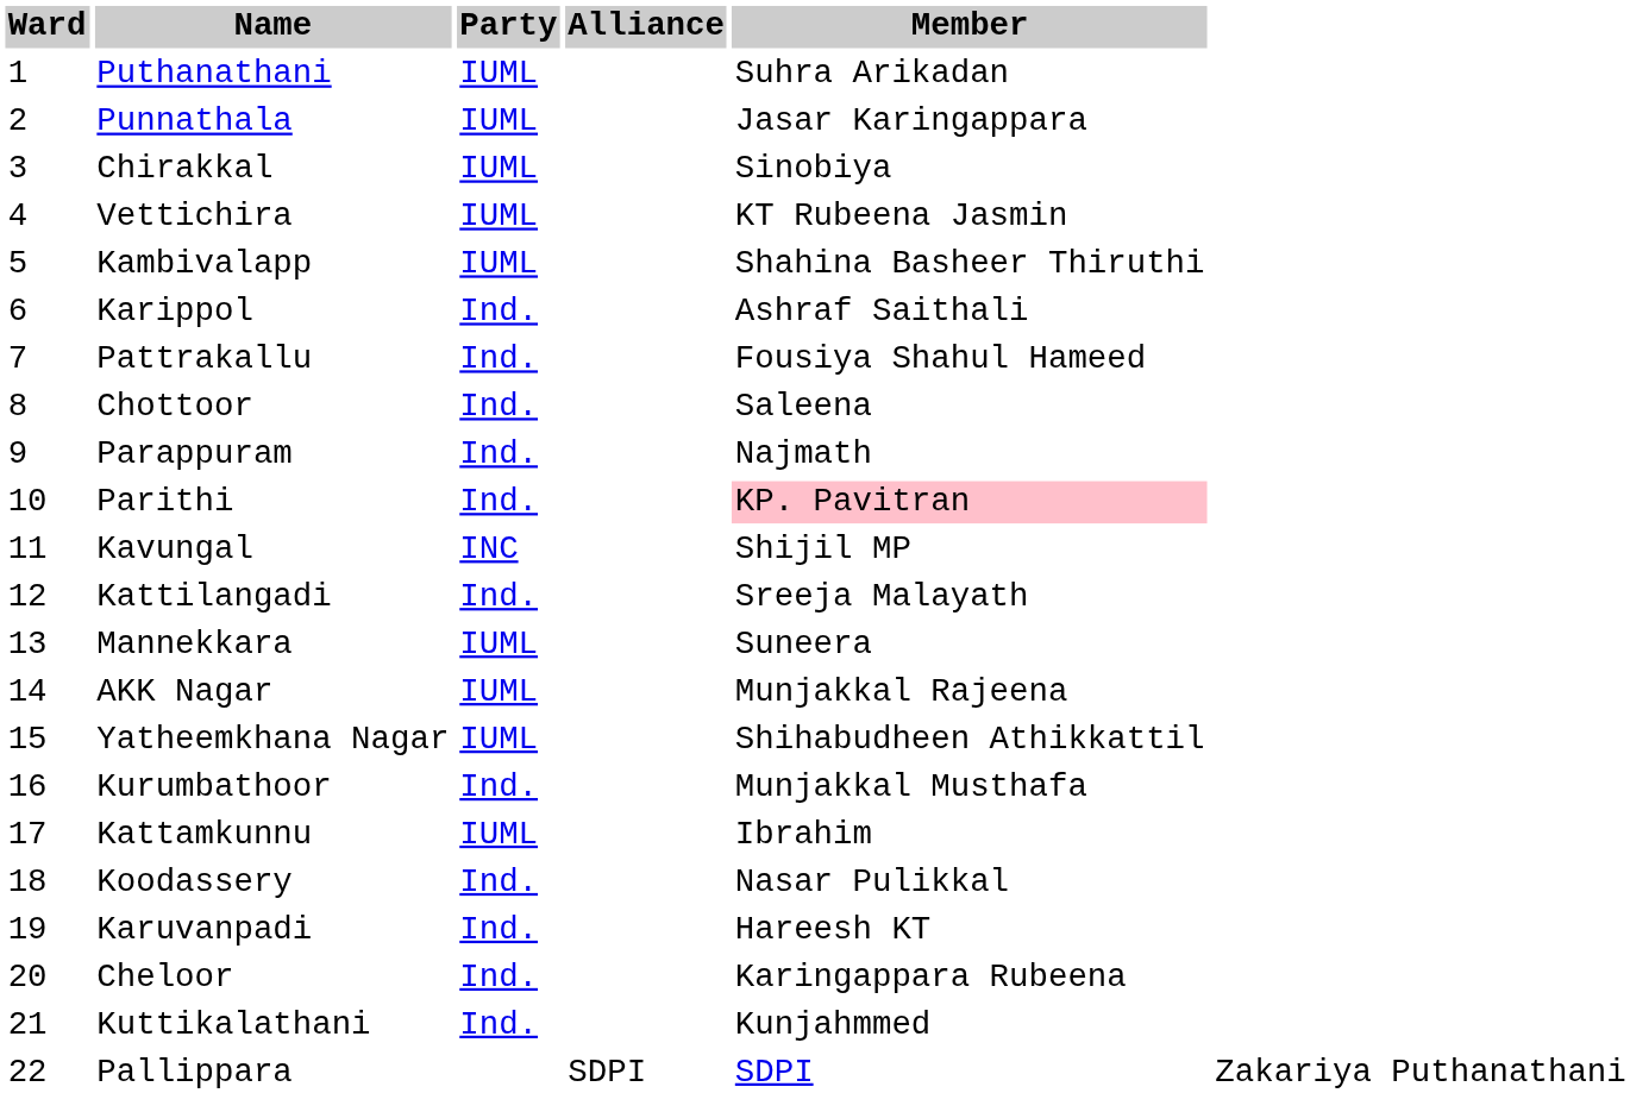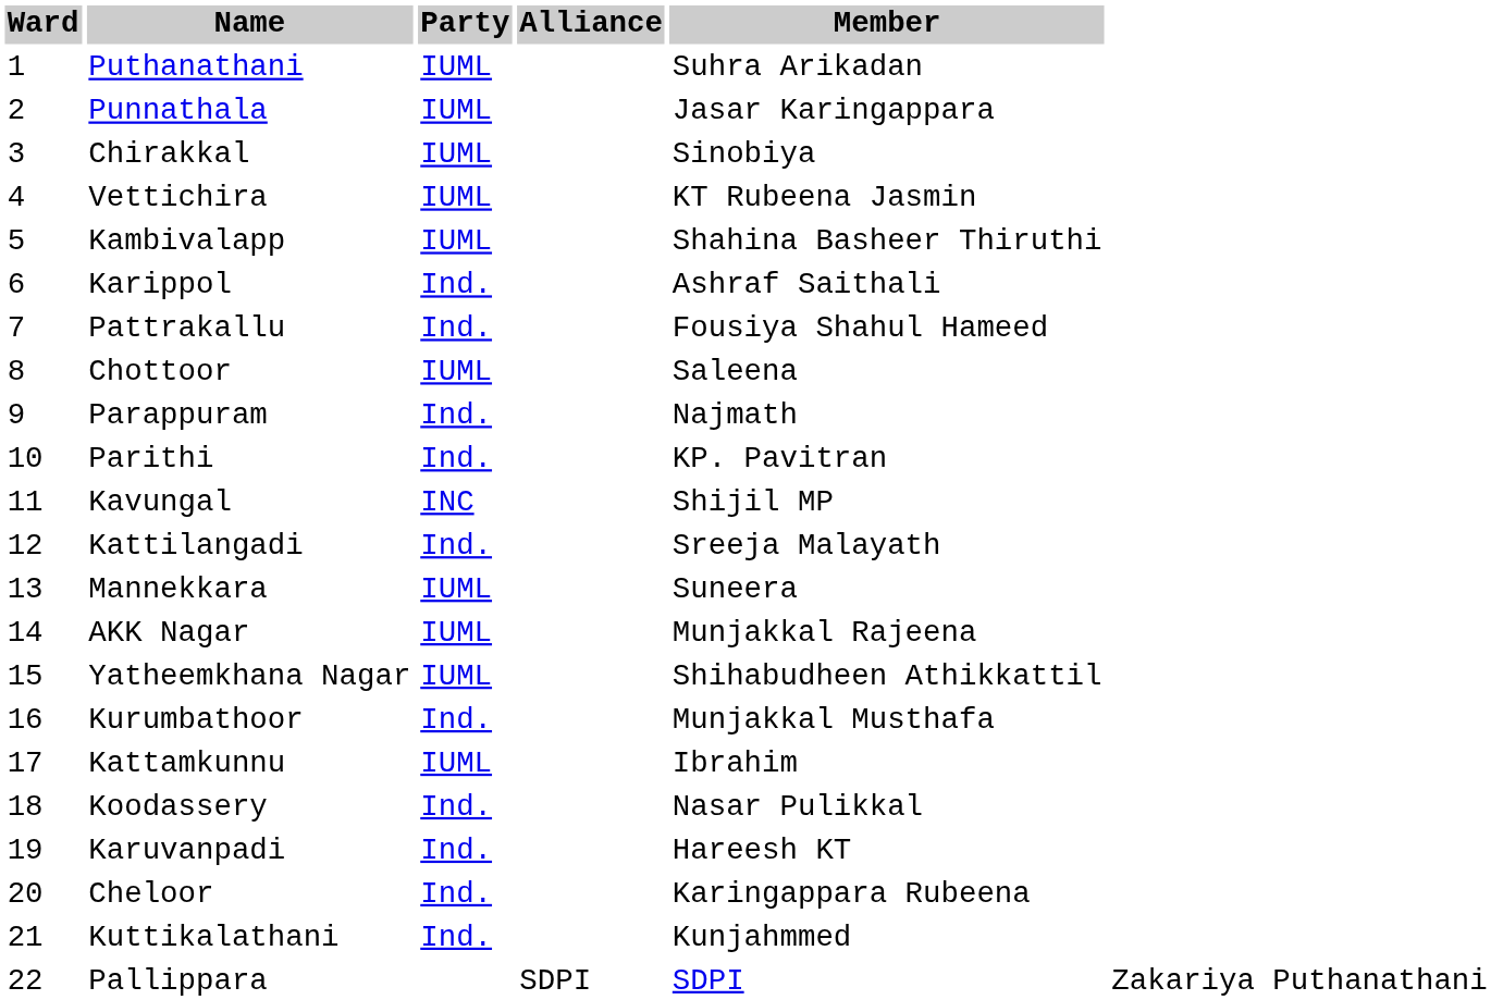 <table align="left" class="toccolours" style="margin-right: .5em; margin-top: .4em;font-size: 95%; cellspacing="1" cellpadding="1" text-align="center" ;>
 <tr>
 </tr>
 <tr bgcolor="#cccccc" valign="top">
 <th>Ward</th>
 <th>Name</th>
 <th>Party</th>
 <th>Alliance</th>
 <th>Member</th>
 </tr>
 <tr po>
 <td>1</td>
 <td><a href='#'>Puthanathani</a></td>
 <td style="background-color:"><a href='#'><span>IUML</span></a></td>
 <td></td>
 <td>Suhra Arikadan</td>
 </tr>
 <tr>
 <td>2</td>
 <td><a href='#'>Punnathala</a></td>
 <td style="background-color:"><a href='#'><span>IUML</span></a></td>
 <td></td>
 <td>Jasar Karingappara</td>
 </tr>
 <tr>
 <td>3</td>
 <td>Chirakkal</td>
 <td style="background-color:"><a href='#'><span>IUML</span></a></td>
 <td></td>
 <td>Sinobiya</td>
 </tr>
 <tr>
 <td>4</td>
 <td>Vettichira</td>
 <td style="background-color:"><a href='#'><span>IUML</span></a></td>
 <td></td>
 <td>KT Rubeena Jasmin</td>
 </tr>
 <tr>
 <td>5</td>
 <td>Kambivalapp</td>
 <td style="background-color:"><a href='#'><span>IUML</span></a></td>
 <td></td>
 <td>Shahina Basheer Thiruthi</td>
 </tr>
 <tr>
 <td>6</td>
 <td>Karippol</td>
 <td style="background-color:"><a href='#'><span>Ind.</span></a></td>
 <td></td>
 <td>Ashraf Saithali</td>
 </tr>
 <tr>
 <td>7</td>
 <td>Pattrakallu</td>
 <td style="background-color:"><a href='#'><span>Ind.</span></a></td>
 <td></td>
 <td>Fousiya Shahul Hameed</td>
 </tr>
 <tr>
 <td>8</td>
 <td>Chottoor</td>
-<td style="background-color:"><a href='#'><span>Ind.</span></a></td>
+<td style="background-color:"><a href='#'><span>IUML</span></a></td>
 <td></td>
 <td>Saleena</td>
 </tr>
 <tr>
 <td>9</td>
 <td>Parappuram</td>
 <td style="background-color:"><a href='#'><span>Ind.</span></a></td>
 <td></td>
 <td>Najmath</td>
 </tr>
 <tr>
 <td>10</td>
 <td>Parithi</td>
 <td style="background-color:"><a href='#'><span>Ind.</span></a></td>
 <td></td>
-<td style="background: pink;">KP. Pavitran</td>
+<td>KP. Pavitran</td>
 </tr>
 <tr>
 <td>11</td>
 <td>Kavungal</td>
 <td style="background-color:"><a href='#'><span>INC</span></a></td>
 <td></td>
 <td>Shijil MP</td>
 </tr>
 <tr>
 <td>12</td>
 <td>Kattilangadi</td>
 <td style="background-color:"><a href='#'><span>Ind.</span></a></td>
 <td></td>
 <td>Sreeja Malayath</td>
 </tr>
 <tr>
 <td>13</td>
 <td>Mannekkara</td>
 <td style="background-color:"><a href='#'><span>IUML</span></a></td>
 <td></td>
 <td>Suneera</td>
 </tr>
 <tr>
 <td>14</td>
 <td>AKK Nagar</td>
 <td style="background-color:"><a href='#'><span>IUML</span></a></td>
 <td></td>
 <td>Munjakkal Rajeena</td>
 </tr>
 <tr>
 <td>15</td>
 <td>Yatheemkhana Nagar</td>
 <td style="background-color:"><a href='#'><span>IUML</span></a></td>
 <td></td>
 <td>Shihabudheen Athikkattil</td>
 </tr>
 <tr>
 <td>16</td>
 <td>Kurumbathoor</td>
 <td style="background-color:"><a href='#'><span>Ind.</span></a></td>
 <td></td>
 <td>Munjakkal Musthafa</td>
 </tr>
 <tr>
 <td>17</td>
 <td>Kattamkunnu</td>
 <td style="background-color:"><a href='#'><span>IUML</span></a></td>
 <td></td>
 <td>Ibrahim</td>
 </tr>
 <tr>
 <td>18</td>
 <td>Koodassery</td>
 <td style="background-color:"><a href='#'><span>Ind.</span></a></td>
 <td></td>
 <td>Nasar  Pulikkal</td>
 </tr>
 <tr>
 <td>19</td>
 <td>Karuvanpadi</td>
 <td style="background-color:"><a href='#'><span>Ind.</span></a></td>
 <td></td>
 <td>Hareesh KT</td>
 </tr>
 <tr>
 <td>20</td>
 <td>Cheloor</td>
 <td style="background-color:"><a href='#'><span>Ind.</span></a></td>
 <td></td>
 <td>Karingappara Rubeena</td>
 </tr>
 <tr>
 <td>21</td>
 <td>Kuttikalathani</td>
 <td style="background-color:"><a href='#'><span>Ind.</span></a></td>
 <td></td>
 <td>Kunjahmmed</td>
 </tr>
 <tr>
 <td>22</td>
 <td>Pallippara</td>
 <td></td>
 <td>SDPI</td>
 <td><a href='#'>SDPI</a></td>
 <td>Zakariya Puthanathani</td>
 </tr>
 </table>
